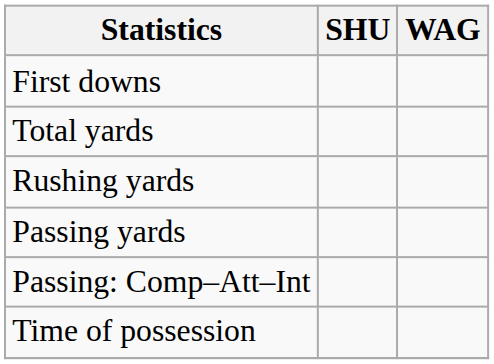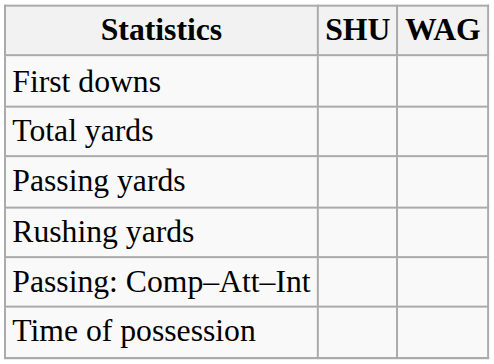 <table class="wikitable" style="float: left;">
 <tr>
 <th>Statistics</th>
 <th>SHU</th>
 <th>WAG</th>
 </tr>
 <tr>
 <td>First downs</td>
 <td></td>
 <td></td>
 </tr>
 <tr>
 <td>Total yards</td>
 <td></td>
 <td></td>
 </tr>
 <tr>
-<td>Rushing yards</td>
+<td>Passing yards</td>
 <td></td>
 <td></td>
 </tr>
 <tr>
-<td>Passing yards</td>
+<td>Rushing yards</td>
 <td></td>
 <td></td>
 </tr>
 <tr>
 <td>Passing: Comp–Att–Int</td>
 <td></td>
 <td></td>
 </tr>
 <tr>
 <td>Time of possession</td>
 <td></td>
 <td></td>
 </tr>
 <tr>
 </tr>
 </table>
